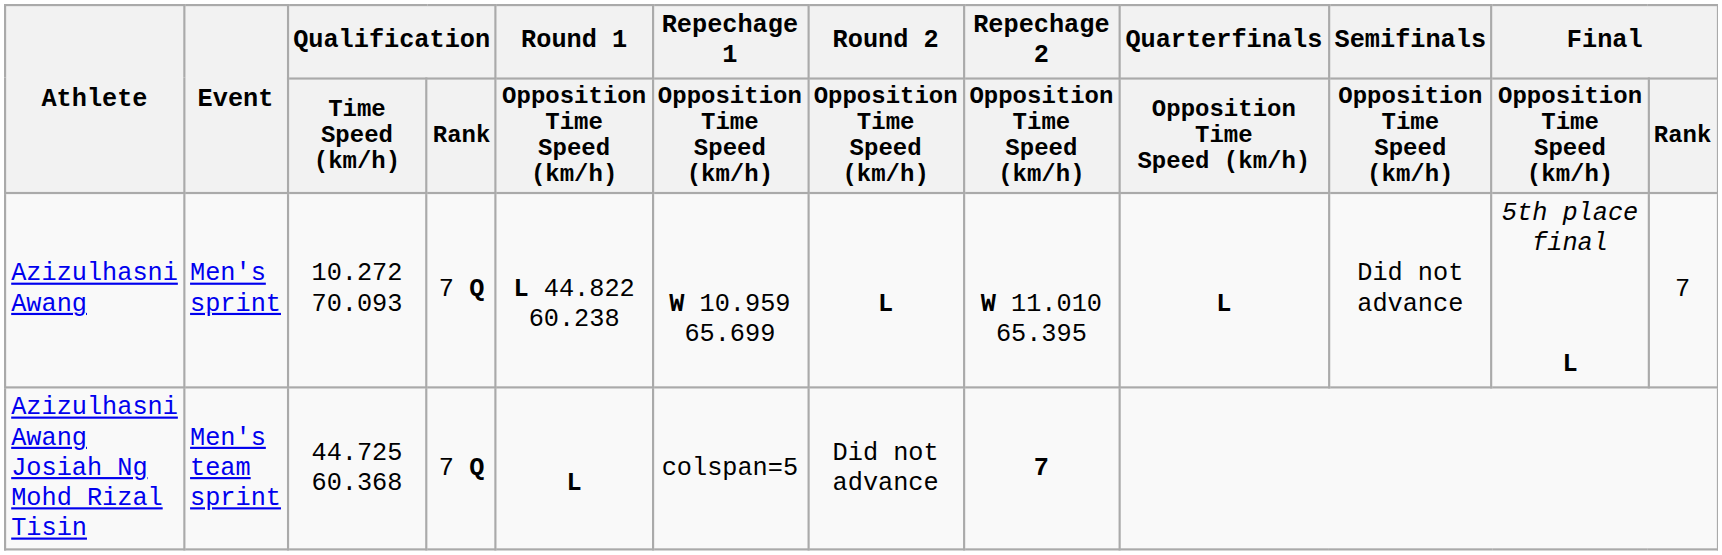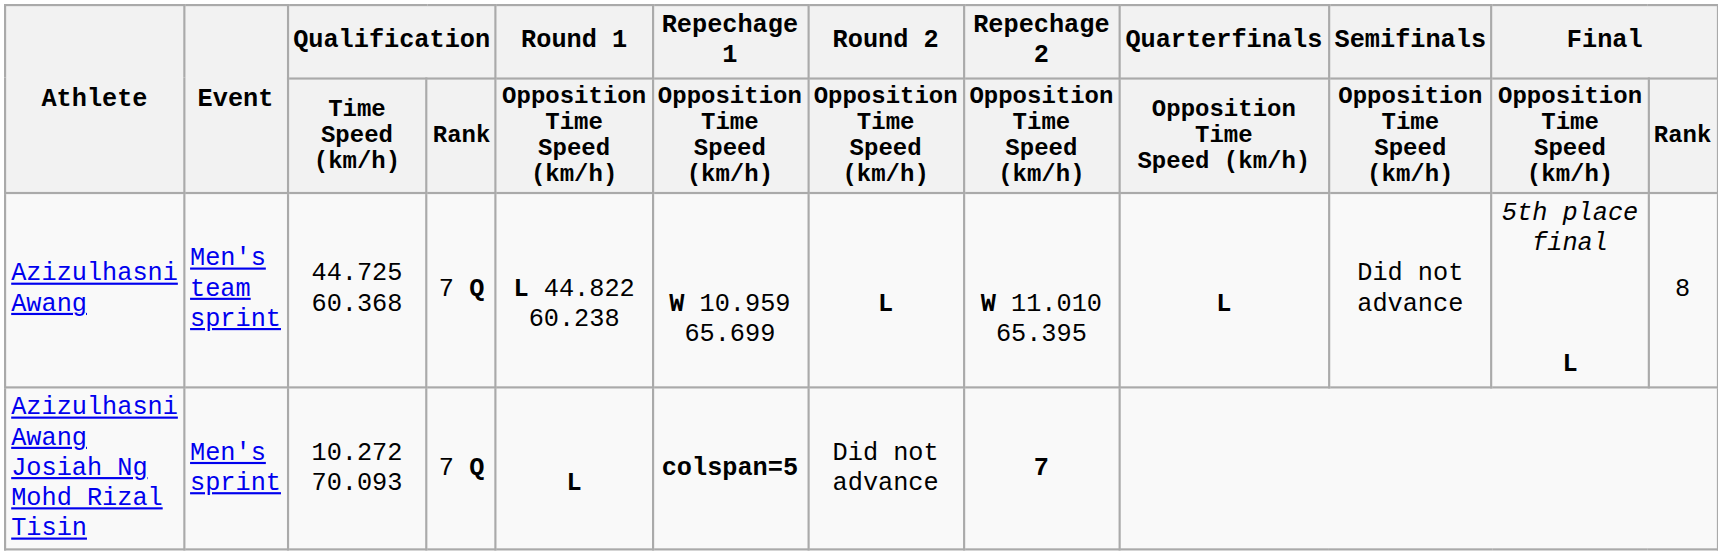 <table class="wikitable" style="font-size:90%">
 <tr>
 <th rowspan="2">Athlete</th>
 <th rowspan="2">Event</th>
 <th colspan=2>Qualification</th>
 <th>Round 1</th>
 <th>Repechage 1</th>
 <th>Round 2</th>
 <th>Repechage 2</th>
 <th>Quarterfinals</th>
 <th>Semifinals</th>
 <th colspan=2>Final</th>
 </tr>
 <tr style="font-size:95%">
 <th>Time<br>Speed (km/h)</th>
 <th>Rank</th>
 <th>Opposition<br>Time<br>Speed (km/h)</th>
 <th>Opposition<br>Time<br>Speed (km/h)</th>
 <th>Opposition<br>Time<br>Speed (km/h)</th>
 <th>Opposition<br>Time<br>Speed (km/h)</th>
 <th>Opposition<br>Time<br>Speed (km/h)</th>
 <th>Opposition<br>Time<br>Speed (km/h)</th>
 <th>Opposition<br>Time<br>Speed (km/h)</th>
 <th>Rank</th>
 </tr>
 <tr align=center>
 <td align=left><a href='#'>Azizulhasni Awang</a></td>
-<td align=left><a href='#'>Men's sprint</a></td>
-<td>10.272<br>70.093</td>
+<td align=left><a href='#'>Men's team sprint</a></td>
+<td>44.725<br>60.368</td>
 <td>7 <strong>Q</strong></td>
 <td><br><strong>L</strong> 44.822<br>60.238</td>
 <td><br><br><strong>W</strong> 10.959<br>65.699</td>
 <td><br><strong>L</strong></td>
 <td><br><br><strong>W</strong> 11.010<br>65.395</td>
 <td><br><strong>L</strong></td>
 <td>Did not advance</td>
 <td><em>5th place final</em><br><br><br><br><strong>L</strong></td>
-<td>7</td>
+<td>8</td>
 </tr>
 <tr align=center>
 <td align=left><a href='#'>Azizulhasni Awang</a><br><a href='#'>Josiah Ng</a><br><a href='#'>Mohd Rizal Tisin</a></td>
-<td align=left><a href='#'>Men's team sprint</a></td>
-<td>44.725<br>60.368</td>
+<td align=left><a href='#'>Men's sprint</a></td>
+<td>10.272<br>70.093</td>
 <td>7 <strong>Q</strong></td>
 <td><br><strong>L</strong></td>
-<td>colspan=5 </td>
+<td><strong>colspan=5 </strong></td>
 <td>Did not advance</td>
 <td><strong>7</strong></td>
 </tr>
 </table>
